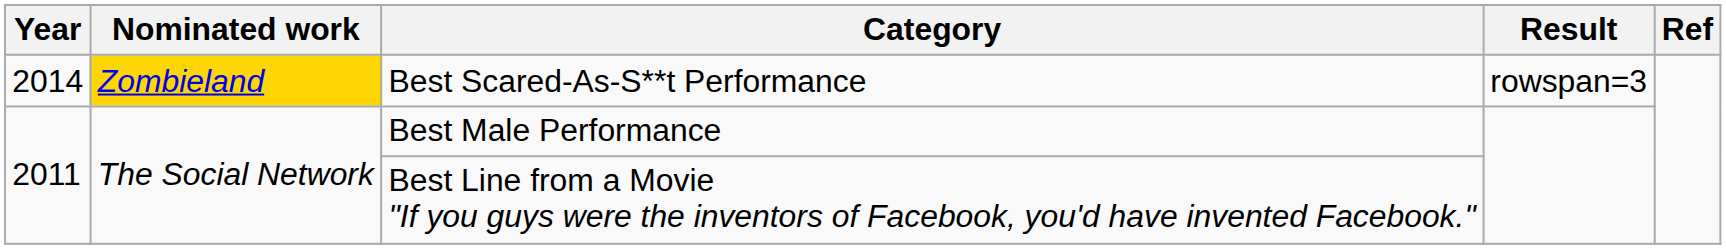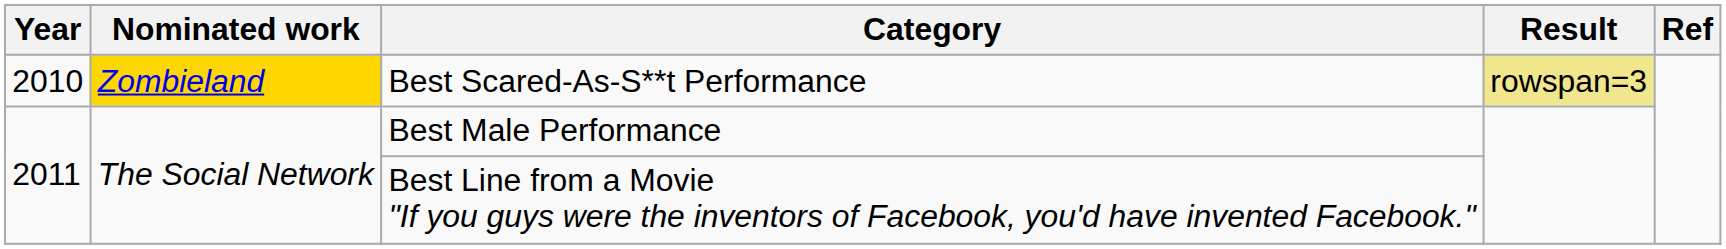 <table class="wikitable">
 <tr>
 <th>Year</th>
 <th>Nominated work</th>
 <th>Category</th>
 <th>Result</th>
 <th>Ref</th>
 </tr>
 <tr>
-<td>2014</td>
+<td>2010</td>
 <td style="background: gold;"><em><a href='#'>Zombieland</a></em></td>
 <td>Best Scared-As-S**t Performance</td>
-<td>rowspan=3 </td>
+<td style="background: khaki;">rowspan=3 </td>
 <td rowspan=3></td>
 </tr>
 <tr>
 <td rowspan=2>2011</td>
 <td rowspan=2><em>The Social Network</em></td>
 <td>Best Male Performance</td>
 </tr>
 <tr>
 <td>Best Line from a Movie<br><em>"If you guys were the inventors of Facebook, you'd have invented Facebook."</em></td>
 </tr>
 </table>
